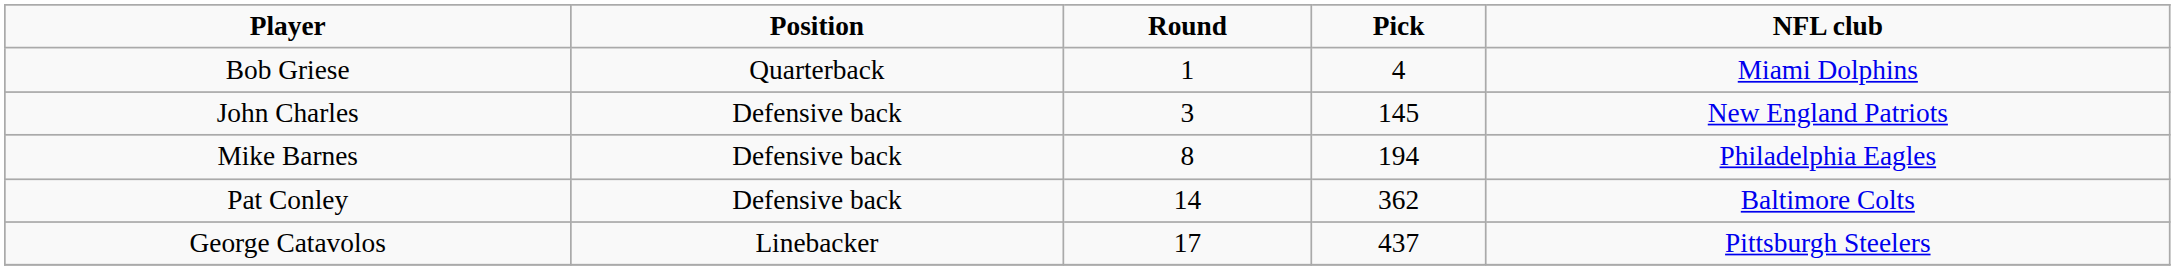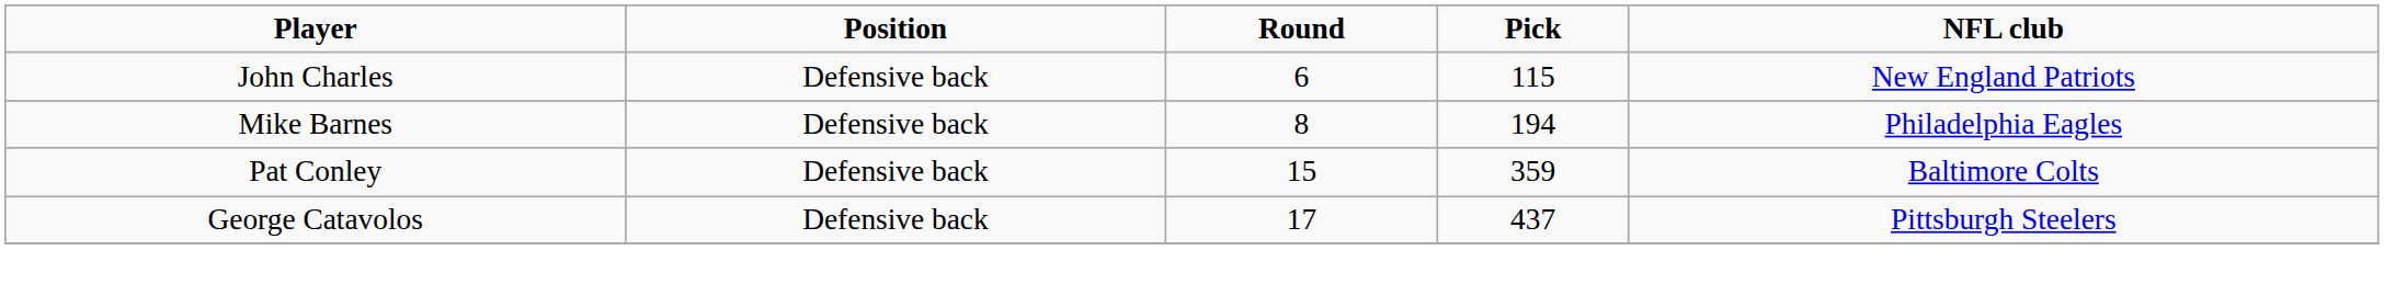 <table class="wikitable" width="80%">
 <tr align="center">
 <td><strong>Player</strong></td>
 <td><strong>Position</strong></td>
 <td><strong>Round</strong></td>
 <td><strong>Pick</strong></td>
 <td><strong>NFL club</strong></td>
 </tr>
 <tr align="center" bgcolor="">
-<td>Bob Griese</td>
-<td>Quarterback</td>
-<td>1</td>
-<td>4</td>
-<td><a href='#'>Miami Dolphins</a></td>
-</tr>
-<tr align="center" bgcolor="">
 <td>John Charles</td>
 <td>Defensive back</td>
-<td>3</td>
-<td>145</td>
+<td>6</td>
+<td>115</td>
 <td><a href='#'>New England Patriots</a></td>
 </tr>
 <tr align="center" bgcolor="">
 <td>Mike Barnes</td>
 <td>Defensive back</td>
 <td>8</td>
 <td>194</td>
 <td><a href='#'>Philadelphia Eagles</a></td>
 </tr>
 <tr align="center" bgcolor="">
 <td>Pat Conley</td>
 <td>Defensive back</td>
-<td>14</td>
-<td>362</td>
+<td>15</td>
+<td>359</td>
 <td><a href='#'>Baltimore Colts</a></td>
 </tr>
 <tr align="center" bgcolor="">
 <td>George Catavolos</td>
-<td>Linebacker</td>
+<td>Defensive back</td>
 <td>17</td>
 <td>437</td>
 <td><a href='#'>Pittsburgh Steelers</a></td>
 </tr>
 <tr align="center" bgcolor="">
 </tr>
 </table>
